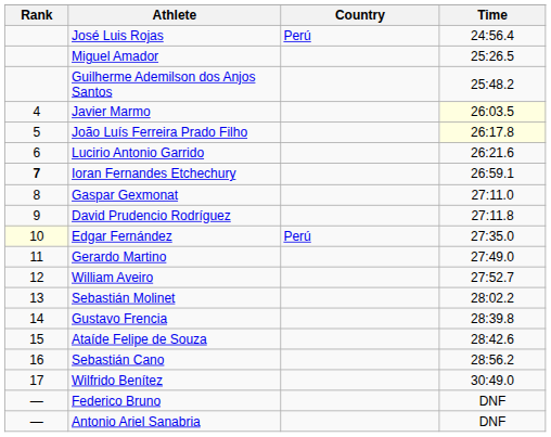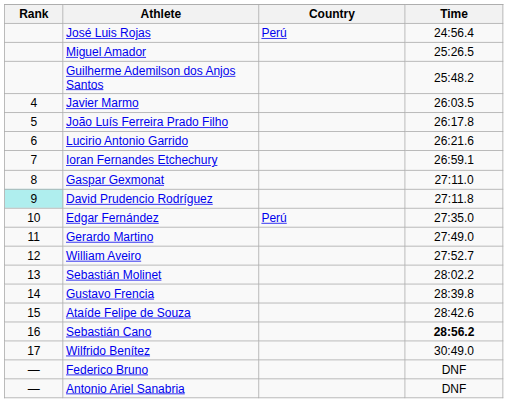 <table class="wikitable sortable" style=" text-align:center; font-size:95%;" width="50%">
 <tr>
 </tr>
 <tr>
 <th width=5%>Rank</th>
 <th width=20%>Athlete</th>
 <th width=15%>Country</th>
 <th width=10%>Time</th>
 </tr>
 <tr>
 <td align=center></td>
 <td align=left><a href='#'>José Luis Rojas</a></td>
 <td align=left> <a href='#'>Perú</a></td>
 <td>24:56.4</td>
 </tr>
 <tr>
 <td align=center></td>
 <td align=left><a href='#'>Miguel Amador</a></td>
 <td align=left></td>
 <td>25:26.5</td>
 </tr>
 <tr>
 <td align=center></td>
 <td align=left><a href='#'>Guilherme Ademilson dos Anjos Santos</a></td>
 <td align=left></td>
 <td>25:48.2</td>
 </tr>
 <tr>
 <td align=center>4</td>
 <td align=left><a href='#'>Javier Marmo</a></td>
 <td align=left></td>
-<td style="background: lightyellow;">26:03.5</td>
+<td>26:03.5</td>
 </tr>
 <tr>
 <td align=center>5</td>
 <td align=left><a href='#'>João Luís Ferreira Prado Filho</a></td>
 <td align=left></td>
-<td style="background: lightyellow;">26:17.8</td>
+<td>26:17.8</td>
 </tr>
 <tr>
 <td align=center>6</td>
 <td align=left><a href='#'>Lucirio Antonio Garrido</a></td>
 <td align=left></td>
 <td>26:21.6</td>
 </tr>
 <tr>
-<td align=center><strong>7</strong></td>
+<td align=center>7</td>
 <td align=left><a href='#'>Ioran Fernandes Etchechury</a></td>
 <td align=left></td>
 <td>26:59.1</td>
 </tr>
 <tr>
 <td align=center>8</td>
 <td align=left><a href='#'>Gaspar Gexmonat</a></td>
 <td align=left></td>
 <td>27:11.0</td>
 </tr>
 <tr>
-<td align=center>9</td>
+<td align=center style="background: paleturquoise;">9</td>
 <td align=left><a href='#'>David Prudencio Rodríguez</a></td>
 <td align=left></td>
 <td>27:11.8</td>
 </tr>
 <tr>
-<td align=center style="background: lightyellow;">10</td>
+<td align=center>10</td>
 <td align=left><a href='#'>Edgar Fernández</a></td>
 <td align=left> <a href='#'>Perú</a></td>
 <td>27:35.0</td>
 </tr>
 <tr>
 <td align=center>11</td>
 <td align=left><a href='#'>Gerardo Martino</a></td>
 <td align=left></td>
 <td>27:49.0</td>
 </tr>
 <tr>
 <td align=center>12</td>
 <td align=left><a href='#'>William Aveiro</a></td>
 <td align=left></td>
 <td>27:52.7</td>
 </tr>
 <tr>
 <td align=center>13</td>
 <td align=left><a href='#'>Sebastián Molinet</a></td>
 <td align=left></td>
 <td>28:02.2</td>
 </tr>
 <tr>
 <td align=center>14</td>
 <td align=left><a href='#'>Gustavo Frencia</a></td>
 <td align=left></td>
 <td>28:39.8</td>
 </tr>
 <tr>
 <td align=center>15</td>
 <td align=left><a href='#'>Ataíde Felipe de Souza</a></td>
 <td align=left></td>
 <td>28:42.6</td>
 </tr>
 <tr>
 <td align=center>16</td>
 <td align=left><a href='#'>Sebastián Cano</a></td>
 <td align=left></td>
-<td>28:56.2</td>
+<td><strong>28:56.2</strong></td>
 </tr>
 <tr>
 <td align=center>17</td>
 <td align=left><a href='#'>Wilfrido Benítez</a></td>
 <td align=left></td>
 <td>30:49.0</td>
 </tr>
 <tr>
 <td align=center>—</td>
 <td align=left><a href='#'>Federico Bruno</a></td>
 <td align=left></td>
 <td>DNF</td>
 </tr>
 <tr>
 <td align=center>—</td>
 <td align=left><a href='#'>Antonio Ariel Sanabria</a></td>
 <td align=left></td>
 <td>DNF</td>
 </tr>
 </table>
